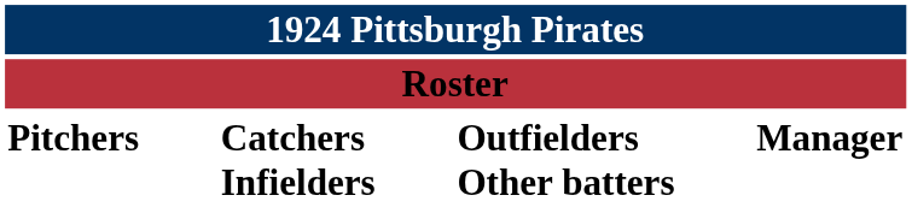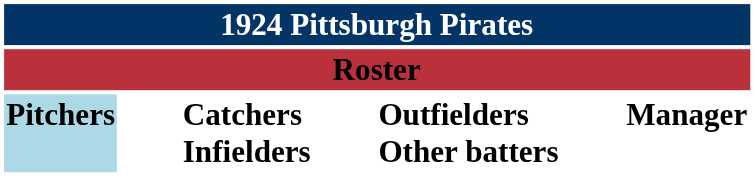 <table class="toccolours" style="font-size: 95%;">
 <tr>
 <th colspan="10" style="background-color: #023465; color: white; text-align: center;">1924 Pittsburgh Pirates</th>
 </tr>
 <tr>
 <td colspan="10" style="background-color: #ba313c; color: black; text-align: center;"><strong>Roster</strong></td>
 </tr>
 <tr>
-<td valign="top"><strong>Pitchers</strong><br>            </td>
+<td valign="top" style="background: lightblue;"><strong>Pitchers</strong><br>            </td>
 <td width="25px"></td>
 <td valign="top"><strong>Catchers</strong><br>    <strong>Infielders</strong>      </td>
 <td width="25px"></td>
 <td valign="top"><strong>Outfielders</strong><br>      <strong>Other batters</strong> </td>
 <td width="25px"></td>
 <td valign="top"><strong>Manager</strong><br></td>
 </tr>
 </table>
